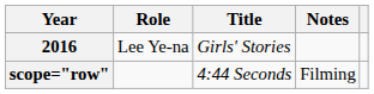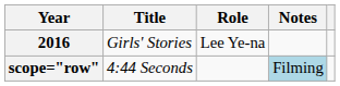 <table class="wikitable plainrowheaders sortable">
 <tr>
 <th scope="col">Year</th>
+<th scope="col">Title</th>
 <th scope="col">Role</th>
-<th scope="col">Title</th>
 <th scope="col">Notes</th>
 <th scope="col" class="unsortable"></th>
 </tr>
 <tr>
 <th scope="row">2016</th>
+<td><em>Girls' Stories</em></td>
 <td>Lee Ye-na</td>
-<td><em>Girls' Stories</em></td>
 <td></td>
 <td style="text-align:center"></td>
 </tr>
 <tr>
 <th>scope="row" </th>
+<td><em>4:44 Seconds</em></td>
 <td></td>
-<td><em>4:44 Seconds</em></td>
-<td>Filming</td>
+<td style="background: lightblue;">Filming</td>
 <td style="text-align:center"></td>
 </tr>
 </table>
